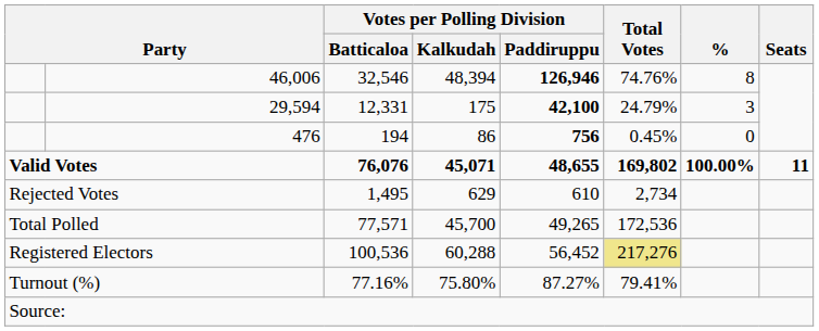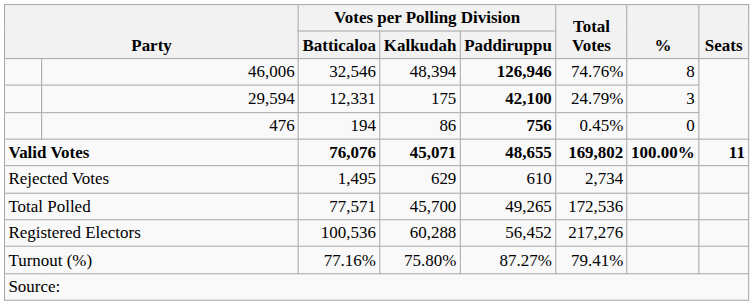 <table class="wikitable" border="1" style="text-align:right;">
 <tr>
 <th align=left valign=bottom rowspan=2 colspan=2 width="270">Party</th>
 <th colspan=3>Votes per Polling Division</th>
 <th align=center valign=bottom rowspan=2 width="60">Total Votes</th>
 <th align=center valign=bottom rowspan=2 width="60">%</th>
 <th align=center valign=bottom rowspan=2 width="40">Seats</th>
 </tr>
 <tr>
 <th align=center valign=bottom width="60">Batticaloa</th>
 <th align=center valign=bottom width="60">Kalkudah</th>
 <th align=center valign=bottom width="60">Paddiruppu</th>
 </tr>
 <tr>
 <td></td>
 <td>46,006</td>
 <td>32,546</td>
 <td>48,394</td>
 <td><strong>126,946</strong></td>
 <td>74.76%</td>
 <td>8</td>
 </tr>
 <tr>
 <td></td>
 <td>29,594</td>
 <td>12,331</td>
 <td>175</td>
 <td><strong>42,100</strong></td>
 <td>24.79%</td>
 <td>3</td>
 </tr>
 <tr>
 <td></td>
 <td>476</td>
 <td>194</td>
 <td>86</td>
 <td><strong>756</strong></td>
 <td>0.45%</td>
 <td>0</td>
 </tr>
 <tr>
 <td align=left colspan=2><strong>Valid Votes</strong></td>
 <td><strong>76,076</strong></td>
 <td><strong>45,071</strong></td>
 <td><strong>48,655</strong></td>
 <td><strong>169,802</strong></td>
 <td><strong>100.00%</strong></td>
 <td><strong>11</strong></td>
 </tr>
 <tr>
 <td align=left colspan=2>Rejected Votes</td>
 <td>1,495</td>
 <td>629</td>
 <td>610</td>
 <td>2,734</td>
 <td></td>
 <td></td>
 </tr>
 <tr>
 <td align=left colspan=2>Total Polled</td>
 <td>77,571</td>
 <td>45,700</td>
 <td>49,265</td>
 <td>172,536</td>
 <td></td>
 <td></td>
 </tr>
 <tr>
 <td align=left colspan=2>Registered Electors</td>
 <td>100,536</td>
 <td>60,288</td>
 <td>56,452</td>
-<td style="background: khaki;">217,276</td>
+<td>217,276</td>
 <td></td>
 <td></td>
 </tr>
 <tr>
 <td align=left colspan=2>Turnout (%)</td>
 <td>77.16%</td>
 <td>75.80%</td>
 <td>87.27%</td>
 <td>79.41%</td>
 <td></td>
 <td></td>
 </tr>
 <tr>
 <td align=left colspan=8>Source:</td>
 </tr>
 </table>
